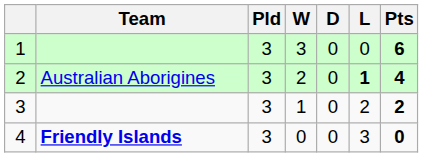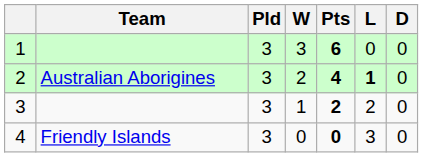 <table class="wikitable" style="text-align:center;">
 <tr>
 <th width=20 abbr="Position"></th>
 <th width=175>Team</th>
 <th width=20 abbr="Played">Pld</th>
 <th width=20 abbr="Won">W</th>
+<th width=20 abbr="Points">Pts</th>
+<th width=20 abbr="Lost">L</th>
 <th width=20 abbr="Drawn">D</th>
-<th width=20 abbr="Lost">L</th>
-<th width=20 abbr="Points">Pts</th>
 </tr>
 <tr style="background: #ccffcc;">
 <td>1</td>
 <td style="text-align:left;"></td>
 <td>3</td>
 <td>3</td>
+<td><strong>6</strong></td>
 <td>0</td>
 <td>0</td>
-<td><strong>6</strong></td>
 </tr>
 <tr style="background: #ccffcc;">
 <td>2</td>
 <td style="text-align:left;"> <a href='#'>Australian Aborigines</a></td>
 <td>3</td>
 <td>2</td>
+<td><strong>4</strong></td>
+<td><strong>1</strong></td>
 <td>0</td>
-<td><strong>1</strong></td>
-<td><strong>4</strong></td>
 </tr>
 <tr>
 <td>3</td>
 <td style="text-align:left;"></td>
 <td>3</td>
 <td>1</td>
+<td><strong>2</strong></td>
+<td>2</td>
 <td>0</td>
-<td>2</td>
-<td><strong>2</strong></td>
 </tr>
 <tr>
 <td>4</td>
-<td style="text-align:left;"><strong><a href='#'>Friendly Islands</a></strong></td>
+<td style="text-align:left;"><a href='#'>Friendly Islands</a></td>
 <td>3</td>
 <td>0</td>
+<td><strong>0</strong></td>
+<td>3</td>
 <td>0</td>
-<td>3</td>
-<td><strong>0</strong></td>
 </tr>
 </table>
